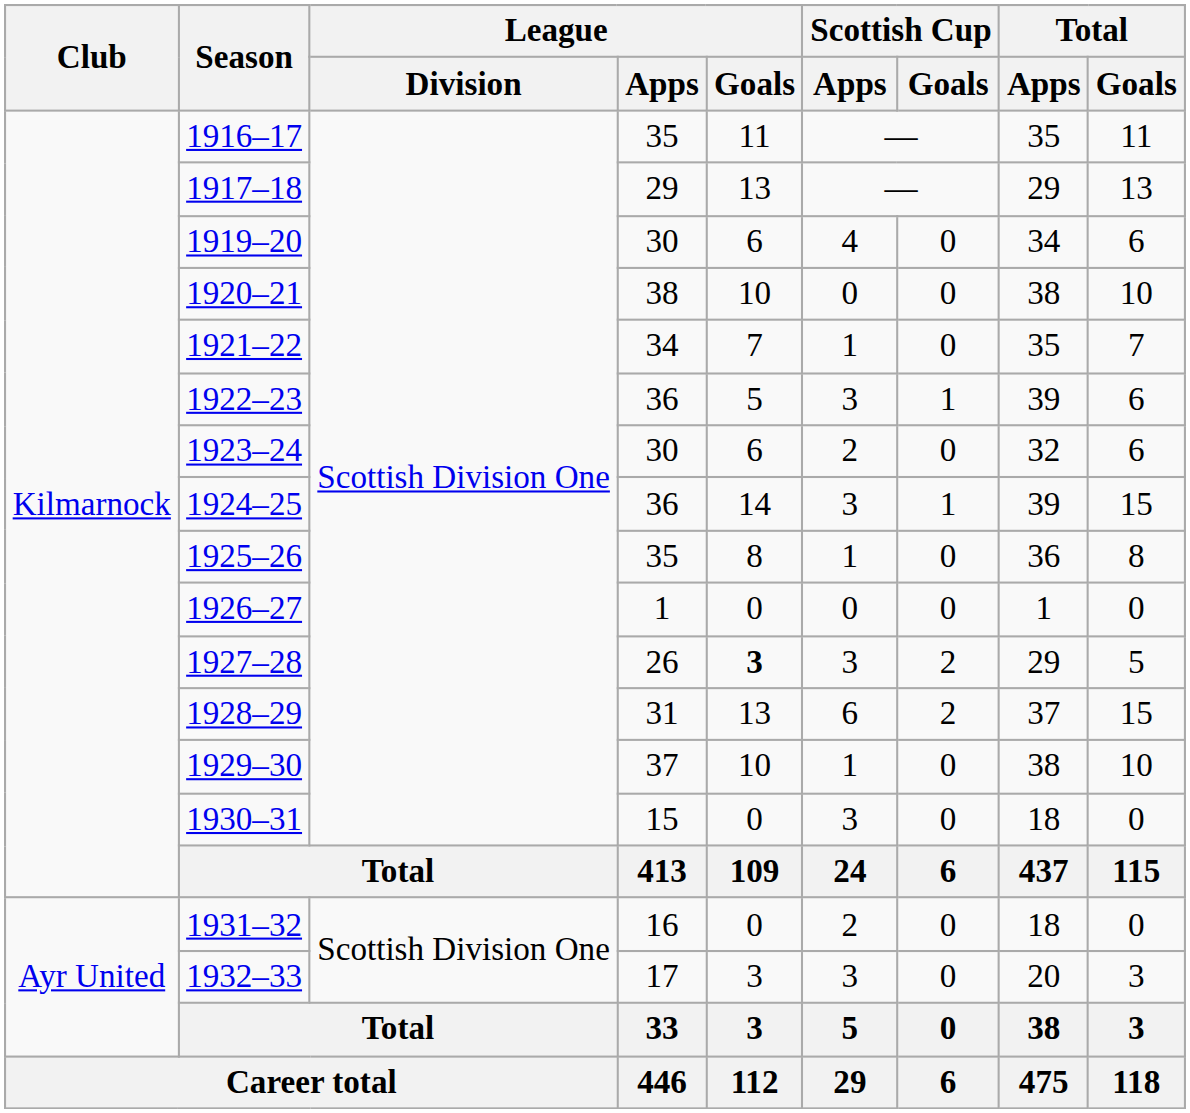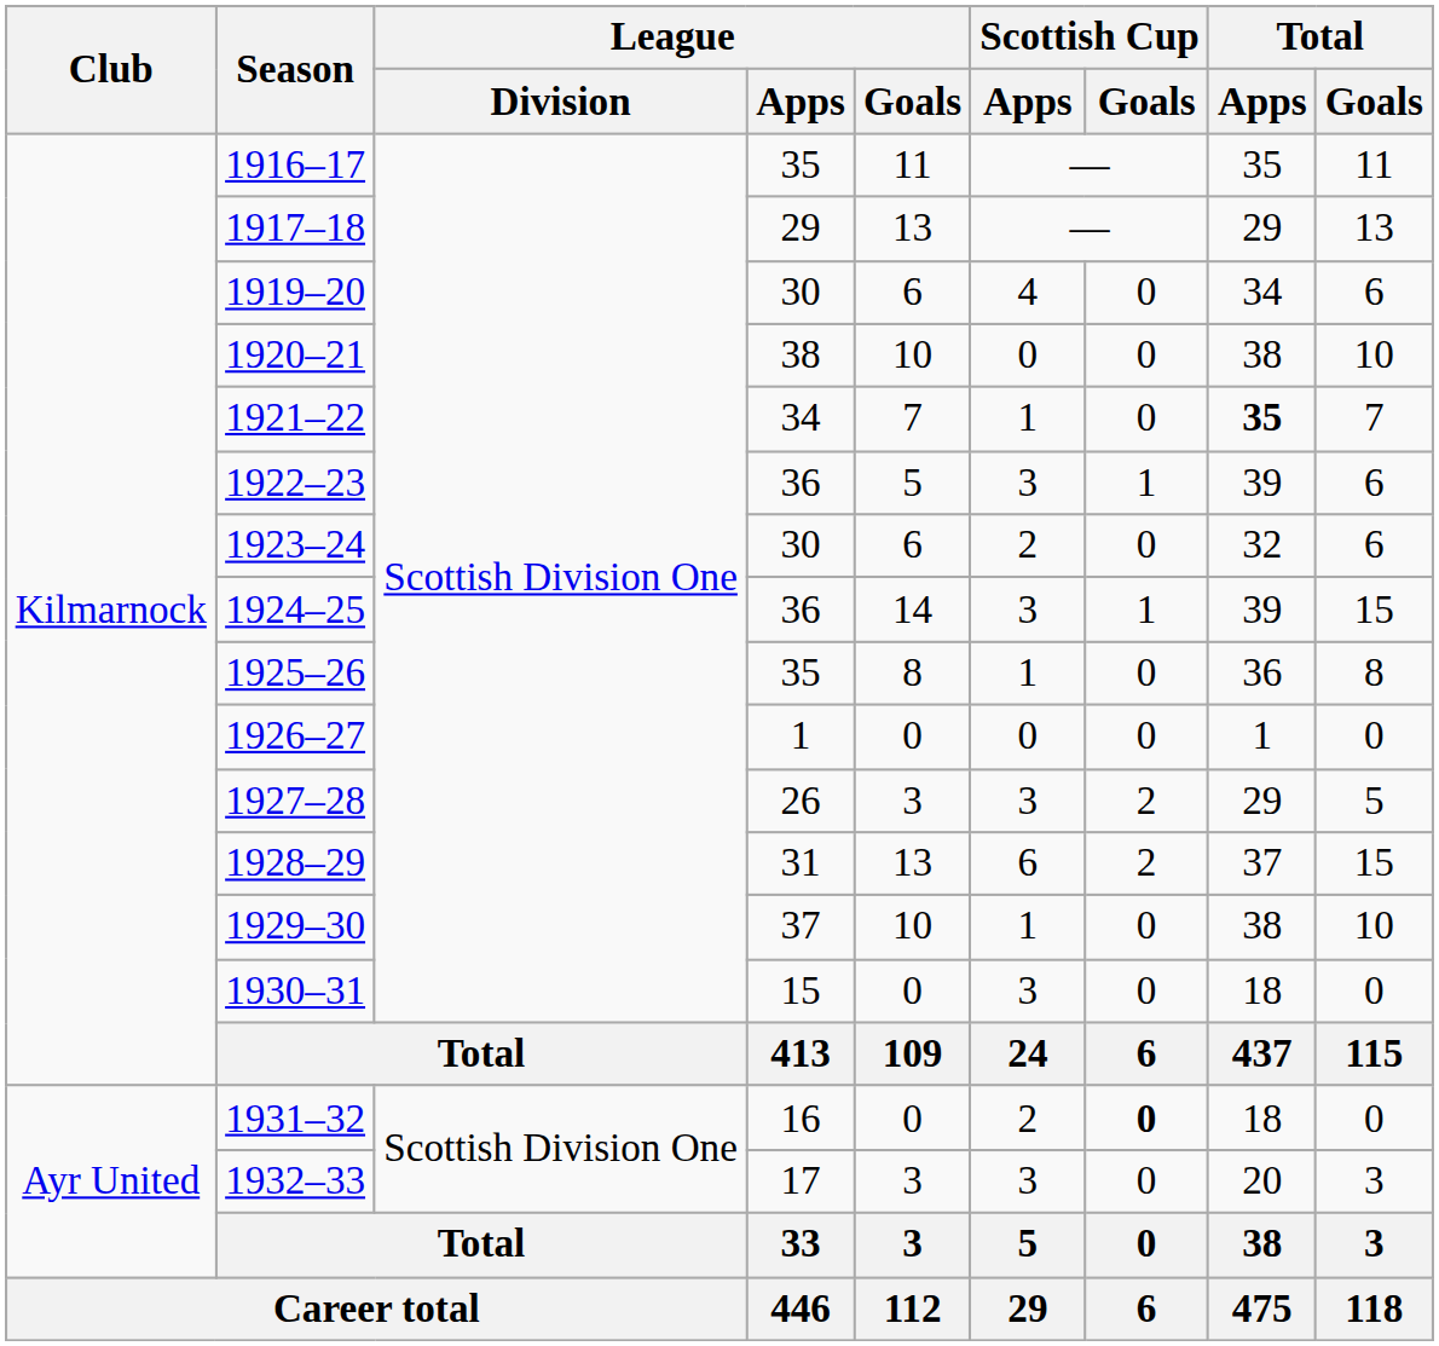 <table class="wikitable" style="text-align: center;">
 <tr>
 <th rowspan="2">Club</th>
 <th rowspan="2">Season</th>
 <th colspan="3">League</th>
 <th colspan="2">Scottish Cup</th>
 <th colspan="2">Total</th>
 </tr>
 <tr>
 <th>Division</th>
 <th>Apps</th>
 <th>Goals</th>
 <th>Apps</th>
 <th>Goals</th>
 <th>Apps</th>
 <th>Goals</th>
 </tr>
 <tr>
 <td rowspan="15"><a href='#'>Kilmarnock</a></td>
 <td><a href='#'>1916–17</a></td>
 <td rowspan="14"><a href='#'>Scottish Division One</a></td>
 <td>35</td>
 <td>11</td>
 <td colspan="2">―</td>
 <td>35</td>
 <td>11</td>
 </tr>
 <tr>
 <td><a href='#'>1917–18</a></td>
 <td>29</td>
 <td>13</td>
 <td colspan="2">―</td>
 <td>29</td>
 <td>13</td>
 </tr>
 <tr>
 <td><a href='#'>1919–20</a></td>
 <td>30</td>
 <td>6</td>
 <td>4</td>
 <td>0</td>
 <td>34</td>
 <td>6</td>
 </tr>
 <tr>
 <td><a href='#'>1920–21</a></td>
 <td>38</td>
 <td>10</td>
 <td>0</td>
 <td>0</td>
 <td>38</td>
 <td>10</td>
 </tr>
 <tr>
 <td><a href='#'>1921–22</a></td>
 <td>34</td>
 <td>7</td>
 <td>1</td>
 <td>0</td>
-<td>35</td>
+<td><strong>35</strong></td>
 <td>7</td>
 </tr>
 <tr>
 <td><a href='#'>1922–23</a></td>
 <td>36</td>
 <td>5</td>
 <td>3</td>
 <td>1</td>
 <td>39</td>
 <td>6</td>
 </tr>
 <tr>
 <td><a href='#'>1923–24</a></td>
 <td>30</td>
 <td>6</td>
 <td>2</td>
 <td>0</td>
 <td>32</td>
 <td>6</td>
 </tr>
 <tr>
 <td><a href='#'>1924–25</a></td>
 <td>36</td>
 <td>14</td>
 <td>3</td>
 <td>1</td>
 <td>39</td>
 <td>15</td>
 </tr>
 <tr>
 <td><a href='#'>1925–26</a></td>
 <td>35</td>
 <td>8</td>
 <td>1</td>
 <td>0</td>
 <td>36</td>
 <td>8</td>
 </tr>
 <tr>
 <td><a href='#'>1926–27</a></td>
 <td>1</td>
 <td>0</td>
 <td>0</td>
 <td>0</td>
 <td>1</td>
 <td>0</td>
 </tr>
 <tr>
 <td><a href='#'>1927–28</a></td>
 <td>26</td>
-<td><strong>3</strong></td>
+<td>3</td>
 <td>3</td>
 <td>2</td>
 <td>29</td>
 <td>5</td>
 </tr>
 <tr>
 <td><a href='#'>1928–29</a></td>
 <td>31</td>
 <td>13</td>
 <td>6</td>
 <td>2</td>
 <td>37</td>
 <td>15</td>
 </tr>
 <tr>
 <td><a href='#'>1929–30</a></td>
 <td>37</td>
 <td>10</td>
 <td>1</td>
 <td>0</td>
 <td>38</td>
 <td>10</td>
 </tr>
 <tr>
 <td><a href='#'>1930–31</a></td>
 <td>15</td>
 <td>0</td>
 <td>3</td>
 <td>0</td>
 <td>18</td>
 <td>0</td>
 </tr>
 <tr>
 <th colspan="2">Total</th>
 <th>413</th>
 <th>109</th>
 <th>24</th>
 <th>6</th>
 <th>437</th>
 <th>115</th>
 </tr>
 <tr>
 <td rowspan="3"><a href='#'>Ayr United</a></td>
 <td><a href='#'>1931–32</a></td>
 <td rowspan="2">Scottish Division One</td>
 <td>16</td>
 <td>0</td>
 <td>2</td>
-<td>0</td>
+<td><strong>0</strong></td>
 <td>18</td>
 <td>0</td>
 </tr>
 <tr>
 <td><a href='#'>1932–33</a></td>
 <td>17</td>
 <td>3</td>
 <td>3</td>
 <td>0</td>
 <td>20</td>
 <td>3</td>
 </tr>
 <tr>
 <th colspan="2">Total</th>
 <th>33</th>
 <th>3</th>
 <th>5</th>
 <th>0</th>
 <th>38</th>
 <th>3</th>
 </tr>
 <tr>
 <th colspan="3">Career total</th>
 <th>446</th>
 <th>112</th>
 <th>29</th>
 <th>6</th>
 <th>475</th>
 <th>118</th>
 </tr>
 </table>
